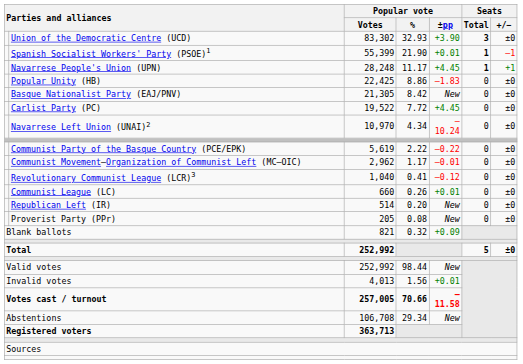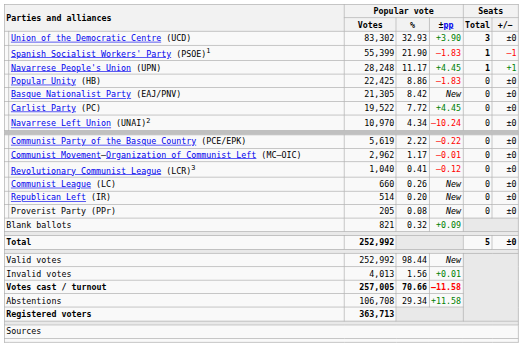 <table class="wikitable" style="text-align:right;">
 <tr>
 <th style="text-align:left;" rowspan="2" colspan="2" width="525">Parties and alliances</th>
 <th colspan="3">Popular vote</th>
 <th colspan="2">Seats</th>
 </tr>
 <tr>
 <th width="75">Votes</th>
 <th width="45">%</th>
 <th width="45">±<a href='#'>pp</a></th>
 <th width="35">Total</th>
 <th width="35">+/−</th>
 </tr>
 <tr>
 <td width="1" style="color:inherit;background:"></td>
 <td align="left"><a href='#'>Union of the Democratic Centre</a> (UCD)</td>
 <td>83,302</td>
 <td>32.93</td>
 <td style="color:green;">+3.90</td>
 <td><strong>3</strong></td>
 <td>±0</td>
 </tr>
 <tr>
 <td style="color:inherit;background:"></td>
 <td align="left"><a href='#'>Spanish Socialist Workers' Party</a> (PSOE)<sup>1</sup></td>
 <td>55,399</td>
 <td>21.90</td>
-<td style="color:green;">+0.01</td>
+<td style="color:red;">–1.83</td>
 <td><strong>1</strong></td>
 <td style="color:red;">–1</td>
 </tr>
 <tr>
 <td style="color:inherit;background:"></td>
 <td align="left"><a href='#'>Navarrese People's Union</a> (UPN)</td>
 <td>28,248</td>
 <td>11.17</td>
 <td style="color:green;">+4.45</td>
 <td><strong>1</strong></td>
 <td style="color:green;">+1</td>
 </tr>
 <tr>
 <td style="color:inherit;background:"></td>
 <td align="left"><a href='#'>Popular Unity</a> (HB)</td>
 <td>22,425</td>
 <td>8.86</td>
 <td style="color:red;">–1.83</td>
 <td>0</td>
 <td>±0</td>
 </tr>
 <tr>
 <td style="color:inherit;background:"></td>
 <td align="left"><a href='#'>Basque Nationalist Party</a> (EAJ/PNV)</td>
 <td>21,305</td>
 <td>8.42</td>
 <td><em>New</em></td>
 <td>0</td>
 <td>±0</td>
 </tr>
 <tr>
 <td style="color:inherit;background:"></td>
 <td align="left"><a href='#'>Carlist Party</a> (PC)</td>
 <td>19,522</td>
 <td>7.72</td>
 <td style="color:green;">+4.45</td>
 <td>0</td>
 <td>±0</td>
 </tr>
 <tr>
 <td style="color:inherit;background:"></td>
 <td align="left"><a href='#'>Navarrese Left Union</a> (UNAI)<sup>2</sup></td>
 <td>10,970</td>
 <td>4.34</td>
 <td style="color:red;">–10.24</td>
 <td>0</td>
 <td>±0</td>
 </tr>
 <tr>
 <td colspan="7" bgcolor="#C0C0C0"></td>
 </tr>
 <tr>
 <td style="color:inherit;background:"></td>
 <td align="left"><a href='#'>Communist Party of the Basque Country</a> (PCE/EPK)</td>
 <td>5,619</td>
 <td>2.22</td>
 <td style="color:red;">–0.22</td>
 <td>0</td>
 <td>±0</td>
 </tr>
 <tr>
 <td style="color:inherit;background:"></td>
 <td align="left"><a href='#'>Communist Movement</a>–<a href='#'>Organization of Communist Left</a> (MC–OIC)</td>
 <td>2,962</td>
 <td>1.17</td>
 <td style="color:red;">–0.01</td>
 <td>0</td>
 <td>±0</td>
 </tr>
 <tr>
 <td style="color:inherit;background:"></td>
 <td align="left"><a href='#'>Revolutionary Communist League</a> (LCR)<sup>3</sup></td>
 <td>1,040</td>
 <td>0.41</td>
 <td style="color:red;">–0.12</td>
 <td>0</td>
 <td>±0</td>
 </tr>
 <tr>
 <td style="color:inherit;background:"></td>
 <td align="left"><a href='#'>Communist League</a> (LC)</td>
 <td>660</td>
 <td>0.26</td>
-<td style="color:green;">+0.01</td>
+<td><em>New</em></td>
 <td>0</td>
 <td>±0</td>
 </tr>
 <tr>
 <td style="color:inherit;background:"></td>
 <td align="left"><a href='#'>Republican Left</a> (IR)</td>
 <td>514</td>
 <td>0.20</td>
 <td><em>New</em></td>
 <td>0</td>
 <td>±0</td>
 </tr>
 <tr>
 <td style="color:inherit;background:"></td>
 <td align="left">Proverist Party (PPr)</td>
 <td>205</td>
 <td>0.08</td>
 <td><em>New</em></td>
 <td>0</td>
 <td>±0</td>
 </tr>
 <tr>
 <td align="left" colspan="2">Blank ballots</td>
 <td>821</td>
 <td>0.32</td>
 <td style="color:green;">+0.09</td>
 <td bgcolor="#E9E9E9" colspan="2"></td>
 </tr>
 <tr>
 <td colspan="7" bgcolor="#E9E9E9"></td>
 </tr>
 <tr style="font-weight:bold;">
 <td align="left" colspan="2">Total</td>
 <td>252,992</td>
 <td bgcolor="#E9E9E9" colspan="2"></td>
 <td>5</td>
 <td>±0</td>
 </tr>
 <tr>
 <td colspan="7" bgcolor="#E9E9E9"></td>
 </tr>
 <tr>
 <td align="left" colspan="2">Valid votes</td>
 <td>252,992</td>
 <td>98.44</td>
 <td><em>New</em></td>
 <td bgcolor="#E9E9E9" colspan="2" rowspan="5"></td>
 </tr>
 <tr>
 <td align="left" colspan="2">Invalid votes</td>
 <td>4,013</td>
 <td>1.56</td>
 <td style="color:green;">+0.01</td>
 </tr>
 <tr style="font-weight:bold;">
 <td align="left" colspan="2">Votes cast / turnout</td>
 <td>257,005</td>
 <td>70.66</td>
 <td style="color:red;">–11.58</td>
 </tr>
 <tr>
 <td align="left" colspan="2">Abstentions</td>
 <td>106,708</td>
 <td>29.34</td>
-<td><em>New</em></td>
+<td style="color:green;">+11.58</td>
 </tr>
 <tr style="font-weight:bold;">
 <td align="left" colspan="2">Registered voters</td>
 <td>363,713</td>
 <td bgcolor="#E9E9E9" colspan="2"></td>
 </tr>
 <tr>
 <td colspan="7" bgcolor="#E9E9E9"></td>
 </tr>
 <tr>
 <td align="left" colspan="7">Sources</td>
 </tr>
 <tr>
 <td colspan="7" style="text-align:left; max-width:790px;"></td>
 </tr>
 </table>
